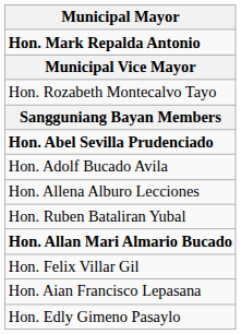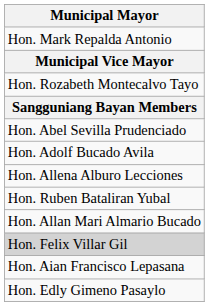 <table class=wikitable>
 <tr>
 <th colspan=2>Municipal Mayor</th>
 </tr>
 <tr>
-<td><strong>Hon. Mark Repalda Antonio</strong></td>
+<td>Hon. Mark Repalda Antonio</td>
 </tr>
 <tr>
 <th colspan=3>Municipal Vice Mayor</th>
 </tr>
 <tr>
 <td>Hon. Rozabeth Montecalvo Tayo</td>
 </tr>
 <tr>
 <th colspan=3>Sangguniang Bayan Members</th>
 </tr>
 <tr>
-<td><strong>Hon. Abel Sevilla Prudenciado</strong></td>
+<td>Hon. Abel Sevilla Prudenciado</td>
 </tr>
 <tr>
 <td>Hon. Adolf Bucado Avila</td>
 </tr>
 <tr>
 <td>Hon. Allena Alburo Lecciones</td>
 </tr>
 <tr>
 <td>Hon. Ruben Bataliran Yubal</td>
 </tr>
 <tr>
-<td><strong>Hon. Allan Mari Almario Bucado</strong></td>
+<td>Hon. Allan Mari Almario Bucado</td>
 </tr>
 <tr>
-<td>Hon. Felix Villar Gil</td>
+<td style="background: lightgrey;">Hon. Felix Villar Gil</td>
 </tr>
 <tr>
 <td>Hon. Aian Francisco Lepasana</td>
 </tr>
 <tr>
 <td>Hon. Edly Gimeno Pasaylo</td>
 </tr>
 </table>
